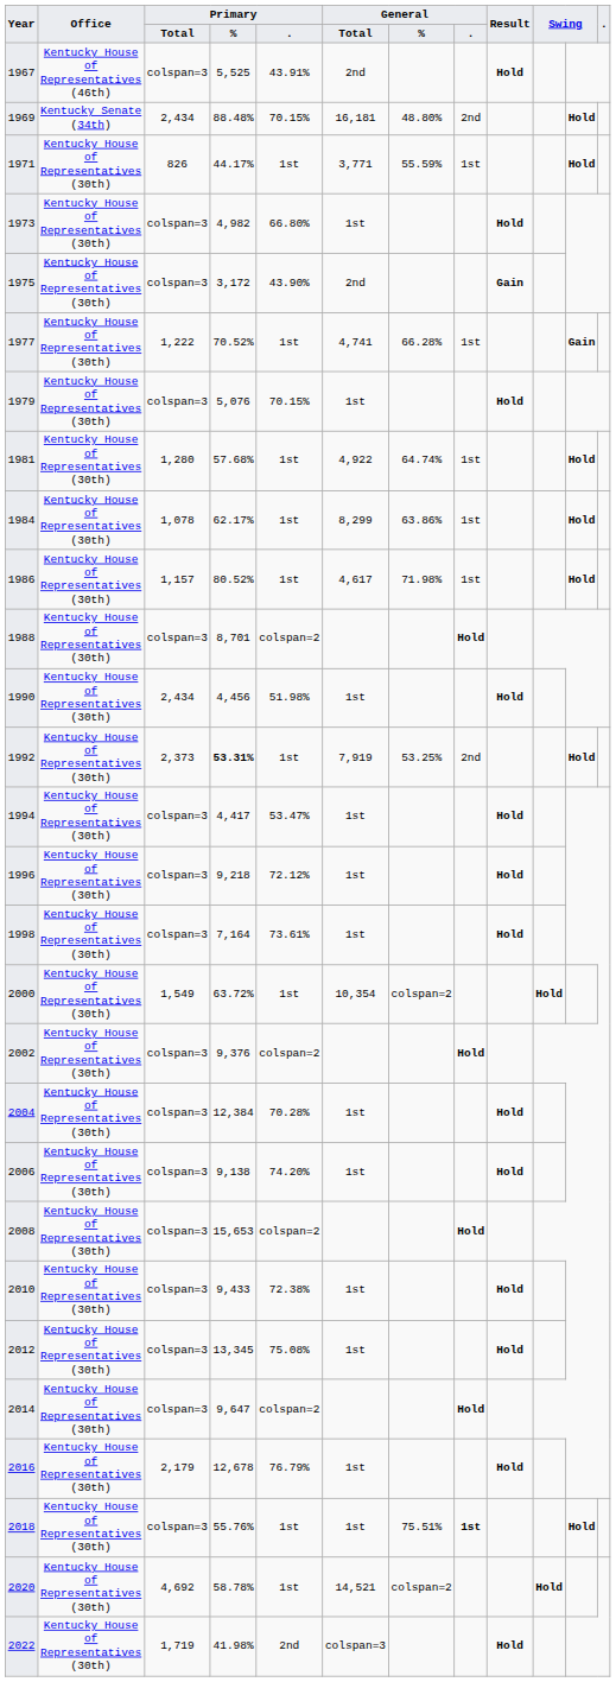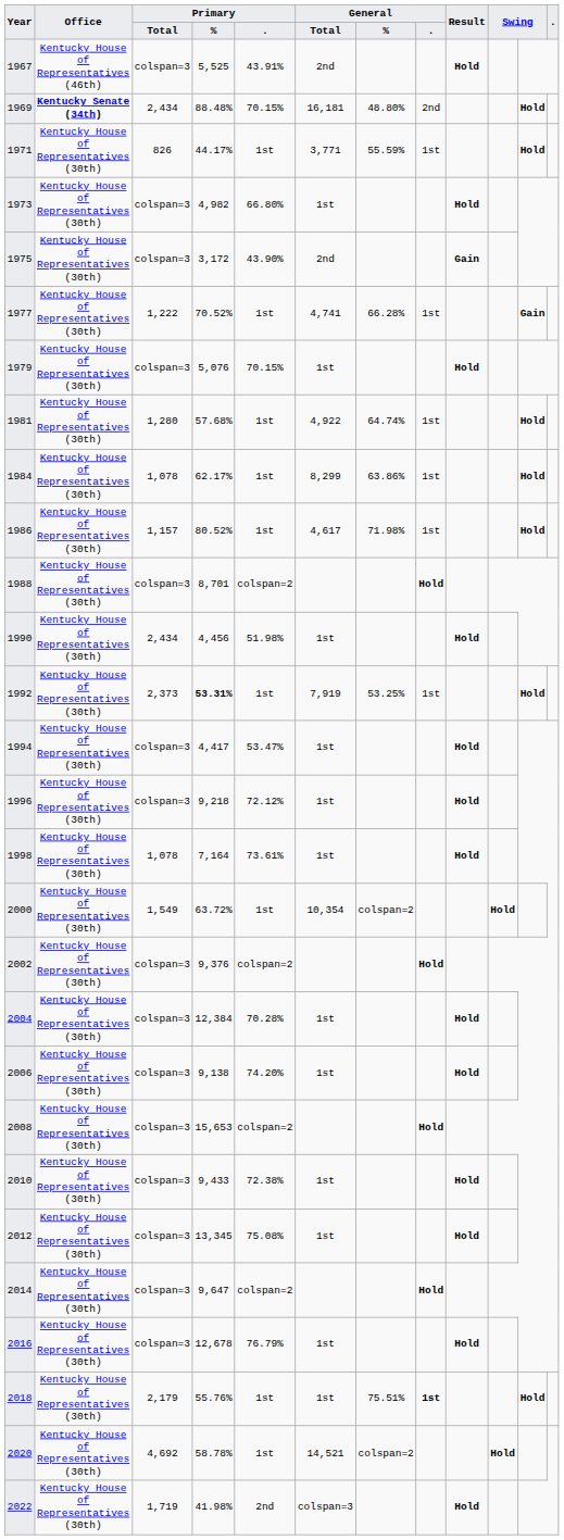 <table class="wikitable" style="font-size:90%; text-align:center;">
 <tr>
 <th style="background-color:#EAECF0;" rowspan=2>Year</th>
 <th style="background-color:#EAECF0;" rowspan=2>Office</th>
 <th style="background-color:#EAECF0;" colspan=3>Primary</th>
 <th style="background-color:#EAECF0;" colspan=3>General</th>
 <th style="background-color:#EAECF0;" rowspan=2>Result</th>
 <th style="background-color:#EAECF0;" colspan=2 rowspan=2><a href='#'>Swing</a></th>
 <th style="background-color:#EAECF0;" rowspan=2>.</th>
 </tr>
 <tr>
 <th style="background-color:#EAECF0;">Total</th>
 <th style="background-color:#EAECF0;">%</th>
 <th style="background-color:#EAECF0;">.</th>
 <th style="background-color:#EAECF0;">Total</th>
 <th style="background-color:#EAECF0;">%</th>
 <th style="background-color:#EAECF0;">.</th>
 </tr>
 <tr>
 <td style="background-color:#EAECF0;">1967</td>
 <td><a href='#'>Kentucky House of Representatives</a> (46th)</td>
 <td>colspan=3 </td>
 <td>5,525</td>
 <td>43.91%</td>
 <td>2nd</td>
 <td></td>
 <td style="background-color:"></td>
 <td><strong>Hold</strong></td>
 <td></td>
 </tr>
 <tr>
 <td style="background-color:#EAECF0;">1969</td>
-<td><a href='#'>Kentucky Senate</a> (<a href='#'>34th</a>)</td>
+<td><strong><a href='#'>Kentucky Senate</a> (<a href='#'>34th</a>)</strong></td>
 <td>2,434</td>
 <td>88.48%</td>
 <td>70.15%</td>
 <td>16,181</td>
 <td>48.80%</td>
 <td>2nd</td>
 <td></td>
 <td style="background-color:"></td>
 <td><strong>Hold</strong></td>
 <td></td>
 </tr>
 <tr>
 <td style="background-color:#EAECF0;">1971</td>
 <td><a href='#'>Kentucky House of Representatives</a> (30th)</td>
 <td>826</td>
 <td>44.17%</td>
 <td>1st</td>
 <td>3,771</td>
 <td>55.59%</td>
 <td>1st</td>
 <td></td>
 <td style="background-color:"></td>
 <td><strong>Hold</strong></td>
 <td></td>
 </tr>
 <tr>
 <td style="background-color:#EAECF0;">1973</td>
 <td><a href='#'>Kentucky House of Representatives</a> (30th)</td>
 <td>colspan=3 </td>
 <td>4,982</td>
 <td>66.80%</td>
 <td>1st</td>
 <td></td>
 <td style="background-color:"></td>
 <td><strong>Hold</strong></td>
 <td></td>
 </tr>
 <tr>
 <td style="background-color:#EAECF0;">1975</td>
 <td><a href='#'>Kentucky House of Representatives</a> (30th)</td>
 <td>colspan=3 </td>
 <td>3,172</td>
 <td>43.90%</td>
 <td>2nd</td>
 <td></td>
 <td style="background-color:"></td>
 <td><strong>Gain</strong></td>
 <td></td>
 </tr>
 <tr>
 <td style="background-color:#EAECF0;">1977</td>
 <td><a href='#'>Kentucky House of Representatives</a> (30th)</td>
 <td>1,222</td>
 <td>70.52%</td>
 <td>1st</td>
 <td>4,741</td>
 <td>66.28%</td>
 <td>1st</td>
 <td></td>
 <td style="background-color:"></td>
 <td><strong>Gain</strong></td>
 <td></td>
 </tr>
 <tr>
 <td style="background-color:#EAECF0;">1979</td>
 <td><a href='#'>Kentucky House of Representatives</a> (30th)</td>
 <td>colspan=3 </td>
 <td>5,076</td>
 <td>70.15%</td>
 <td>1st</td>
 <td></td>
 <td style="background-color:"></td>
 <td><strong>Hold</strong></td>
 <td></td>
 </tr>
 <tr>
 <td style="background-color:#EAECF0;">1981</td>
 <td><a href='#'>Kentucky House of Representatives</a> (30th)</td>
 <td>1,280</td>
 <td>57.68%</td>
 <td>1st</td>
 <td>4,922</td>
 <td>64.74%</td>
 <td>1st</td>
 <td></td>
 <td style="background-color:"></td>
 <td><strong>Hold</strong></td>
 <td></td>
 </tr>
 <tr>
 <td style="background-color:#EAECF0;">1984</td>
 <td><a href='#'>Kentucky House of Representatives</a> (30th)</td>
 <td>1,078</td>
 <td>62.17%</td>
 <td>1st</td>
 <td>8,299</td>
 <td>63.86%</td>
 <td>1st</td>
 <td></td>
 <td style="background-color:"></td>
 <td><strong>Hold</strong></td>
 <td></td>
 </tr>
 <tr>
 <td style="background-color:#EAECF0;">1986</td>
 <td><a href='#'>Kentucky House of Representatives</a> (30th)</td>
 <td>1,157</td>
 <td>80.52%</td>
 <td>1st</td>
 <td>4,617</td>
 <td>71.98%</td>
 <td>1st</td>
 <td></td>
 <td style="background-color:"></td>
 <td><strong>Hold</strong></td>
 <td></td>
 </tr>
 <tr>
 <td style="background-color:#EAECF0;">1988</td>
 <td><a href='#'>Kentucky House of Representatives</a> (30th)</td>
 <td>colspan=3 </td>
 <td>8,701</td>
 <td>colspan=2 </td>
 <td></td>
 <td style="background-color:"></td>
 <td><strong>Hold</strong></td>
 <td></td>
 </tr>
 <tr>
 <td style="background-color:#EAECF0;">1990</td>
 <td><a href='#'>Kentucky House of Representatives</a> (30th)</td>
 <td>2,434</td>
 <td>4,456</td>
 <td>51.98%</td>
 <td>1st</td>
 <td></td>
 <td style="background-color:"></td>
 <td><strong>Hold</strong></td>
 <td></td>
 </tr>
 <tr>
 <td style="background-color:#EAECF0;">1992</td>
 <td><a href='#'>Kentucky House of Representatives</a> (30th)</td>
 <td>2,373</td>
 <td><strong>53.31%</strong></td>
 <td>1st</td>
 <td>7,919</td>
 <td>53.25%</td>
-<td>2nd</td>
+<td>1st</td>
 <td></td>
 <td style="background-color:"></td>
 <td><strong>Hold</strong></td>
 <td></td>
 </tr>
 <tr>
 <td style="background-color:#EAECF0;">1994</td>
 <td><a href='#'>Kentucky House of Representatives</a> (30th)</td>
 <td>colspan=3 </td>
 <td>4,417</td>
 <td>53.47%</td>
 <td>1st</td>
 <td></td>
 <td style="background-color:"></td>
 <td><strong>Hold</strong></td>
 <td></td>
 </tr>
 <tr>
 <td style="background-color:#EAECF0;">1996</td>
 <td><a href='#'>Kentucky House of Representatives</a> (30th)</td>
 <td>colspan=3 </td>
 <td>9,218</td>
 <td>72.12%</td>
 <td>1st</td>
 <td></td>
 <td style="background-color:"></td>
 <td><strong>Hold</strong></td>
 <td></td>
 </tr>
 <tr>
 <td style="background-color:#EAECF0;">1998</td>
 <td><a href='#'>Kentucky House of Representatives</a> (30th)</td>
-<td>colspan=3 </td>
+<td>1,078</td>
 <td>7,164</td>
 <td>73.61%</td>
 <td>1st</td>
 <td></td>
 <td style="background-color:"></td>
 <td><strong>Hold</strong></td>
 <td></td>
 </tr>
 <tr>
 <td style="background-color:#EAECF0;">2000</td>
 <td><a href='#'>Kentucky House of Representatives</a> (30th)</td>
 <td>1,549</td>
 <td>63.72%</td>
 <td>1st</td>
 <td>10,354</td>
 <td>colspan=2 </td>
 <td></td>
 <td style="background-color:"></td>
 <td><strong>Hold</strong></td>
 <td></td>
 </tr>
 <tr>
 <td style="background-color:#EAECF0;">2002</td>
 <td><a href='#'>Kentucky House of Representatives</a> (30th)</td>
 <td>colspan=3 </td>
 <td>9,376</td>
 <td>colspan=2 </td>
 <td></td>
 <td style="background-color:"></td>
 <td><strong>Hold</strong></td>
 <td></td>
 </tr>
 <tr>
 <td style="background-color:#EAECF0;"><a href='#'>2004</a></td>
 <td><a href='#'>Kentucky House of Representatives</a> (30th)</td>
 <td>colspan=3 </td>
 <td>12,384</td>
 <td>70.28%</td>
 <td>1st</td>
 <td></td>
 <td style="background-color:"></td>
 <td><strong>Hold</strong></td>
 <td></td>
 </tr>
 <tr>
 <td style="background-color:#EAECF0;">2006</td>
 <td><a href='#'>Kentucky House of Representatives</a> (30th)</td>
 <td>colspan=3 </td>
 <td>9,138</td>
 <td>74.20%</td>
 <td>1st</td>
 <td></td>
 <td style="background-color:"></td>
 <td><strong>Hold</strong></td>
 <td></td>
 </tr>
 <tr>
 <td style="background-color:#EAECF0;">2008</td>
 <td><a href='#'>Kentucky House of Representatives</a> (30th)</td>
 <td>colspan=3 </td>
 <td>15,653</td>
 <td>colspan=2 </td>
 <td></td>
 <td style="background-color:"></td>
 <td><strong>Hold</strong></td>
 <td></td>
 </tr>
 <tr>
 <td style="background-color:#EAECF0;">2010</td>
 <td><a href='#'>Kentucky House of Representatives</a> (30th)</td>
 <td>colspan=3 </td>
 <td>9,433</td>
 <td>72.38%</td>
 <td>1st</td>
 <td></td>
 <td style="background-color:"></td>
 <td><strong>Hold</strong></td>
 <td></td>
 </tr>
 <tr>
 <td style="background-color:#EAECF0;">2012</td>
 <td><a href='#'>Kentucky House of Representatives</a> (30th)</td>
 <td>colspan=3 </td>
 <td>13,345</td>
 <td>75.08%</td>
 <td>1st</td>
 <td></td>
 <td style="background-color:"></td>
 <td><strong>Hold</strong></td>
 <td></td>
 </tr>
 <tr>
 <td style="background-color:#EAECF0;">2014</td>
 <td><a href='#'>Kentucky House of Representatives</a> (30th)</td>
 <td>colspan=3 </td>
 <td>9,647</td>
 <td>colspan=2 </td>
 <td></td>
 <td style="background-color:"></td>
 <td><strong>Hold</strong></td>
 <td></td>
 </tr>
 <tr>
 <td style="background-color:#EAECF0;"><a href='#'>2016</a></td>
 <td><a href='#'>Kentucky House of Representatives</a> (30th)</td>
-<td>2,179</td>
+<td>colspan=3 </td>
 <td>12,678</td>
 <td>76.79%</td>
 <td>1st</td>
 <td></td>
 <td style="background-color:"></td>
 <td><strong>Hold</strong></td>
 <td></td>
 </tr>
 <tr>
 <td style="background-color:#EAECF0;"><a href='#'>2018</a></td>
 <td><a href='#'>Kentucky House of Representatives</a> (30th)</td>
-<td>colspan=3 </td>
+<td>2,179</td>
 <td>55.76%</td>
 <td>1st</td>
 <td>1st</td>
 <td>75.51%</td>
 <td><strong>1st</strong></td>
 <td></td>
 <td style="background-color:"></td>
 <td><strong>Hold</strong></td>
 <td></td>
 </tr>
 <tr>
 <td style="background-color:#EAECF0;"><a href='#'>2020</a></td>
 <td><a href='#'>Kentucky House of Representatives</a> (30th)</td>
 <td>4,692</td>
 <td>58.78%</td>
 <td>1st</td>
 <td>14,521</td>
 <td>colspan=2 </td>
 <td></td>
 <td style="background-color:"></td>
 <td><strong>Hold</strong></td>
 <td></td>
 </tr>
 <tr>
 <td style="background-color:#EAECF0;"><a href='#'>2022</a></td>
 <td><a href='#'>Kentucky House of Representatives</a> (30th)</td>
 <td>1,719</td>
 <td>41.98%</td>
 <td>2nd</td>
 <td>colspan=3 </td>
 <td></td>
 <td style="background-color:"></td>
 <td><strong>Hold</strong></td>
 <td></td>
 </tr>
 </table>
